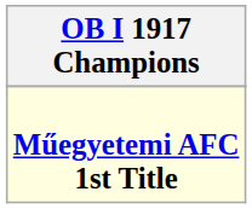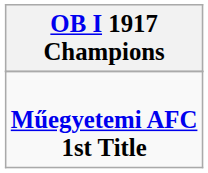 <table class="wikitable" style="text-align: center; margin: 0 auto;">
 <tr>
 <th><a href='#'>OB I</a> 1917<br>Champions</th>
 </tr>
 <tr>
 </tr>
 <tr>
-<td style="background: lightyellow;"><br><strong><a href='#'>Műegyetemi AFC</a></strong><br><strong>1st Title</strong></td>
+<td><br><strong><a href='#'>Műegyetemi AFC</a></strong><br><strong>1st Title</strong></td>
 </tr>
 </table>
